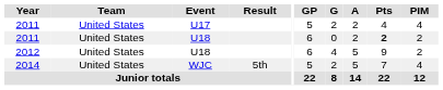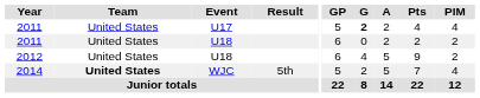 <table border="0" cellpadding="1" cellspacing="0" ID="Table3" style="text-align:center; width:40em">
 <tr ALIGN="center" bgcolor="#e0e0e0">
 <th>Year</th>
 <th>Team</th>
 <th>Event</th>
 <th>Result</th>
 <th rowspan="99" bgcolor="#ffffff"></th>
 <th>GP</th>
 <th>G</th>
 <th>A</th>
 <th>Pts</th>
 <th>PIM</th>
 </tr>
 <tr>
 <td><a href='#'>2011</a></td>
 <td><a href='#'>United States</a></td>
 <td><a href='#'>U17</a></td>
 <td></td>
 <td>5</td>
-<td>2</td>
+<td><strong>2</strong></td>
 <td>2</td>
 <td>4</td>
 <td>4</td>
 </tr>
 <tr bgcolor="#f0f0f0">
 <td><a href='#'>2011</a></td>
 <td>United States</td>
 <td><a href='#'>U18</a></td>
 <td></td>
 <td>6</td>
 <td>0</td>
 <td>2</td>
-<td><strong>2</strong></td>
+<td>2</td>
 <td>2</td>
 </tr>
 <tr>
 <td><a href='#'>2012</a></td>
 <td>United States</td>
 <td>U18</td>
 <td></td>
 <td>6</td>
 <td>4</td>
 <td>5</td>
 <td>9</td>
 <td>2</td>
 </tr>
 <tr bgcolor="#f0f0f0">
 <td><a href='#'>2014</a></td>
-<td>United States</td>
+<td><strong>United States</strong></td>
 <td><a href='#'>WJC</a></td>
 <td>5th</td>
 <td>5</td>
 <td>2</td>
 <td>5</td>
 <td>7</td>
 <td>4</td>
 </tr>
 <tr bgcolor="#e0e0e0">
 <th colspan="4">Junior totals</th>
 <th>22</th>
 <th>8</th>
 <th>14</th>
 <th>22</th>
 <th>12</th>
 </tr>
 </table>
